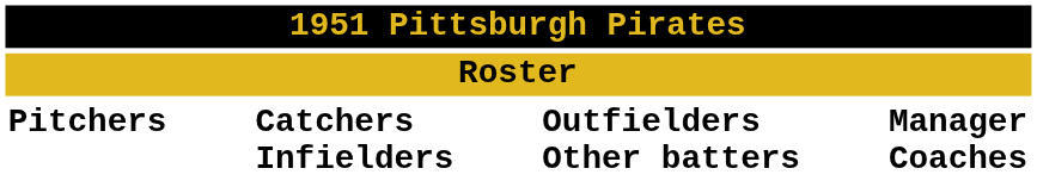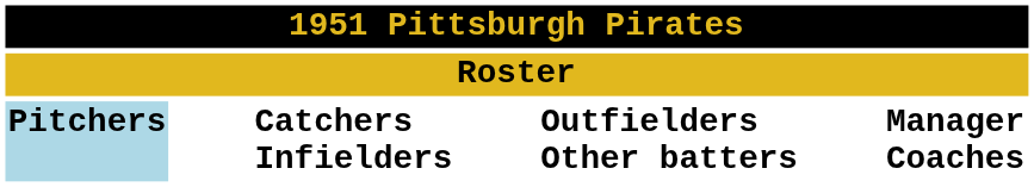 <table class="toccolours" style="font-size: 95%;">
 <tr>
 <th colspan="10" style="background-color: black; color: #e1b81e; text-align: center;">1951 Pittsburgh Pirates</th>
 </tr>
 <tr>
 <td colspan="10" style="background-color: #e1b81e; color: black; text-align: center;"><strong>Roster</strong></td>
 </tr>
 <tr>
-<td valign="top"><strong>Pitchers</strong><br>               </td>
+<td valign="top" style="background: lightblue;"><strong>Pitchers</strong><br>               </td>
 <td width="25px"></td>
 <td valign="top"><strong>Catchers</strong><br>   <strong>Infielders</strong>               </td>
 <td width="25px"></td>
 <td valign="top"><strong>Outfielders</strong><br>          <strong>Other batters</strong> </td>
 <td width="25px"></td>
 <td valign="top"><strong>Manager</strong><br> <strong>Coaches</strong>     </td>
 </tr>
 </table>
